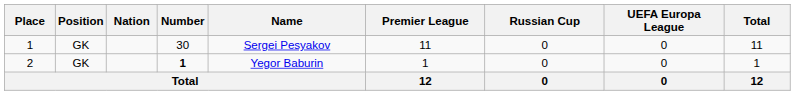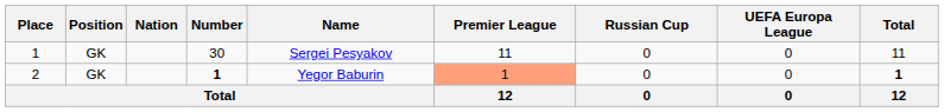 <table class="wikitable" style="font-size: 95%; text-align: center;">
 <tr>
 <th width=60>Place</th>
 <th width=60>Position</th>
 <th width=60>Nation</th>
 <th width=60>Number</th>
 <th width=200>Name</th>
 <th width=150>Premier League</th>
 <th width=150>Russian Cup</th>
 <th width=150>UEFA Europa League</th>
 <th width=80>Total</th>
 </tr>
 <tr>
 <td>1</td>
 <td>GK</td>
 <td></td>
 <td>30</td>
 <td><a href='#'>Sergei Pesyakov</a></td>
 <td>11</td>
 <td>0</td>
 <td>0</td>
 <td>11</td>
 </tr>
 <tr>
 <td>2</td>
 <td>GK</td>
 <td></td>
 <td><strong>1</strong></td>
 <td><a href='#'>Yegor Baburin</a></td>
-<td>1</td>
+<td style="background: lightsalmon;">1</td>
 <td>0</td>
 <td>0</td>
-<td>1</td>
+<td><strong>1</strong></td>
 </tr>
 <tr>
 <th colspan=5>Total</th>
 <th>12</th>
 <th>0</th>
 <th>0</th>
 <th>12</th>
 </tr>
 </table>
